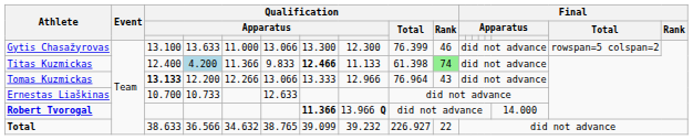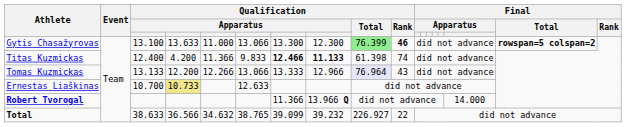 <table class="wikitable" style="font-size:90%">
 <tr>
 <th rowspan=3>Athlete</th>
 <th rowspan=3>Event</th>
 <th colspan =8>Qualification</th>
 <th colspan =8>Final</th>
 </tr>
 <tr style="font-size:95%">
 <th colspan=6>Apparatus</th>
 <th rowspan=2>Total</th>
 <th rowspan=2>Rank</th>
 <th colspan=6>Apparatus</th>
 <th rowspan=2>Total</th>
 <th rowspan=2>Rank</th>
 </tr>
 <tr style="font-size:95%">
 <th></th>
 <th></th>
 <th></th>
 <th></th>
 <th></th>
 <th></th>
 <th></th>
 <th></th>
 <th></th>
 <th></th>
 <th></th>
 <th></th>
 </tr>
 <tr align=center>
 <td align=left><a href='#'>Gytis Chasažyrovas</a></td>
 <td align=left rowspan=6>Team</td>
 <td>13.100</td>
 <td>13.633</td>
 <td>11.000</td>
 <td>13.066</td>
 <td>13.300</td>
 <td>12.300</td>
-<td>76.399</td>
-<td>46</td>
+<td style="background: lightgreen;">76.399</td>
+<td><strong>46</strong></td>
 <td align=center colspan=6>did not advance</td>
-<td>rowspan=5 colspan=2</td>
+<td><strong>rowspan=5 colspan=2</strong></td>
 </tr>
 <tr align=center>
 <td align=left><a href='#'>Titas Kuzmickas</a></td>
 <td>12.400</td>
-<td style="background: lightblue;">4.200</td>
+<td>4.200</td>
 <td>11.366</td>
 <td>9.833</td>
 <td><strong>12.466</strong></td>
-<td>11.133</td>
+<td><strong>11.133</strong></td>
 <td>61.398</td>
-<td style="background: lightgreen;">74</td>
+<td>74</td>
 <td align=center colspan=6>did not advance</td>
 </tr>
 <tr align=center>
 <td align=left><a href='#'>Tomas Kuzmickas</a></td>
-<td><strong>13.133</strong></td>
+<td>13.133</td>
 <td>12.200</td>
 <td>12.266</td>
 <td>13.066</td>
 <td>13.333</td>
 <td>12.966</td>
-<td>76.964</td>
+<td style="background: lavender;">76.964</td>
 <td>43</td>
 <td align=center colspan=6>did not advance</td>
 </tr>
 <tr align=center>
 <td align=left><a href='#'>Ernestas Liaškinas</a></td>
 <td>10.700</td>
-<td>10.733</td>
+<td style="background: khaki;">10.733</td>
 <td></td>
 <td>12.633</td>
 <td></td>
 <td></td>
 <td align=center colspan=8>did not advance</td>
 </tr>
 <tr align=center>
 <td align=left><strong><a href='#'>Robert Tvorogal</a></strong></td>
 <td></td>
 <td></td>
 <td></td>
 <td></td>
-<td><strong>11.366</strong></td>
+<td>11.366</td>
 <td>13.966 <strong>Q</strong></td>
 <td align=center colspan=7>did not advance</td>
 <td>14.000 <br> </td>
 </tr>
 <tr align=center>
 <td align=left><strong>Total</strong></td>
 <td>38.633</td>
 <td>36.566</td>
 <td>34.632</td>
 <td>38.765</td>
 <td>39.099</td>
 <td>39.232</td>
 <td>226.927</td>
 <td>22</td>
 <td align=center colspan=8>did not advance</td>
 </tr>
 </table>
